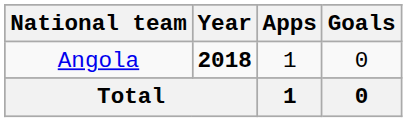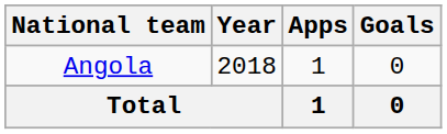 <table class="wikitable" style="text-align:center">
 <tr>
 <th>National team</th>
 <th>Year</th>
 <th>Apps</th>
 <th>Goals</th>
 </tr>
 <tr>
 <td><a href='#'>Angola</a></td>
-<td><strong>2018</strong></td>
+<td>2018</td>
 <td>1</td>
 <td>0</td>
 </tr>
 <tr>
 <th colspan=2>Total</th>
 <th>1</th>
 <th>0</th>
 </tr>
 </table>
